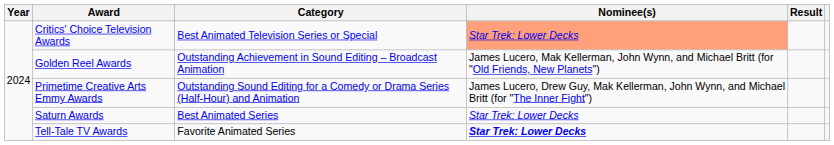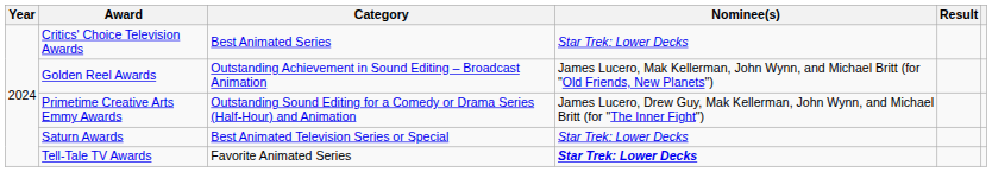 <table class="wikitable sortable" style="width:99%">
 <tr>
 <th scope="col">Year</th>
 <th scope="col">Award</th>
 <th scope="col">Category</th>
 <th scope="col">Nominee(s)</th>
 <th scope="col">Result</th>
 <th scope="col" class="unsortable"></th>
 </tr>
 <tr>
 <td rowspan="5">2024</td>
 <td><a href='#'>Critics' Choice Television Awards</a></td>
-<td><a href='#'>Best Animated Television Series or Special</a></td>
-<td style="background: lightsalmon;"><em><a href='#'>Star Trek: Lower Decks</a></em></td>
+<td><a href='#'>Best Animated Series</a></td>
+<td><em><a href='#'>Star Trek: Lower Decks</a></em></td>
 <td></td>
 <td style="text-align:center"></td>
 </tr>
 <tr>
 <td><a href='#'>Golden Reel Awards</a></td>
 <td><a href='#'>Outstanding Achievement in Sound Editing – Broadcast Animation</a></td>
 <td>James Lucero, Mak Kellerman, John Wynn, and Michael Britt (for "<a href='#'>Old Friends, New Planets</a>")</td>
 <td></td>
 <td style="text-align:center"></td>
 </tr>
 <tr>
 <td><a href='#'>Primetime Creative Arts Emmy Awards</a></td>
 <td><a href='#'>Outstanding Sound Editing for a Comedy or Drama Series (Half-Hour) and Animation</a></td>
 <td>James Lucero, Drew Guy, Mak Kellerman, John Wynn, and Michael Britt (for "<a href='#'>The Inner Fight</a>")</td>
 <td></td>
 <td style="text-align:center;"></td>
 </tr>
 <tr>
 <td><a href='#'>Saturn Awards</a></td>
-<td><a href='#'>Best Animated Series</a></td>
+<td><a href='#'>Best Animated Television Series or Special</a></td>
 <td><em><a href='#'>Star Trek: Lower Decks</a></em></td>
 <td></td>
 <td style="text-align:center;"></td>
 </tr>
 <tr>
 <td><a href='#'>Tell-Tale TV Awards</a></td>
 <td>Favorite Animated Series</td>
 <td><strong><em><a href='#'>Star Trek: Lower Decks</a></em></strong></td>
 <td></td>
 <td style="text-align:center"></td>
 </tr>
 </table>
